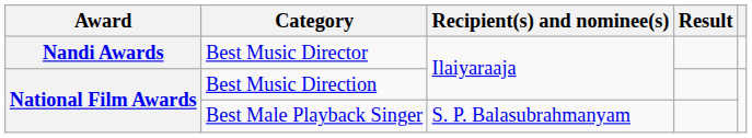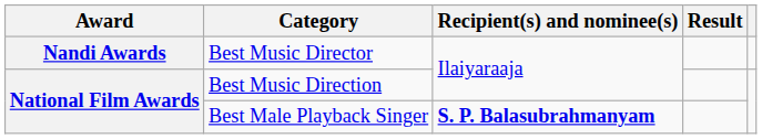 <table class="wikitable plainrowheaders sortable">
 <tr>
 <th scope="col">Award</th>
 <th scope="col">Category</th>
 <th scope="col">Recipient(s) and nominee(s)</th>
 <th scope="col">Result</th>
 <th scope="col" class="unsortable"></th>
 </tr>
 <tr>
 <th scope="row"><a href='#'>Nandi Awards</a></th>
 <td><a href='#'>Best Music Director</a></td>
 <td rowspan="2"><a href='#'>Ilaiyaraaja</a></td>
 <td></td>
 <td align="center"></td>
 </tr>
 <tr>
 <th rowspan="2" scope="row"><a href='#'>National Film Awards</a></th>
 <td><a href='#'>Best Music Direction</a></td>
 <td></td>
 <td rowspan="2" align="center"></td>
 </tr>
 <tr>
 <td><a href='#'>Best Male Playback Singer</a></td>
-<td><a href='#'>S. P. Balasubrahmanyam</a></td>
+<td><strong><a href='#'>S. P. Balasubrahmanyam</a></strong></td>
 <td></td>
 </tr>
 </table>
